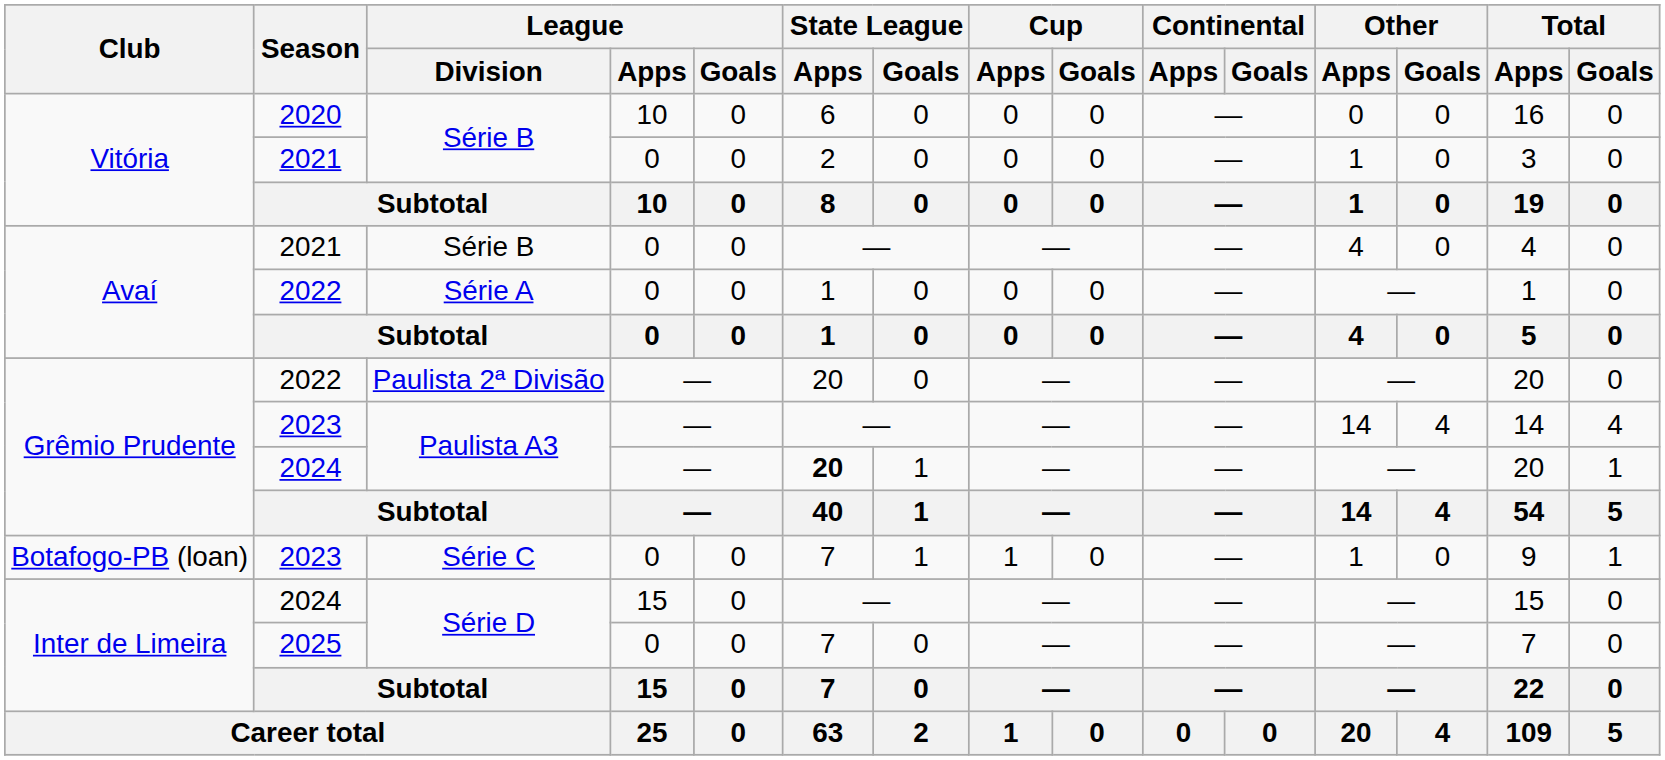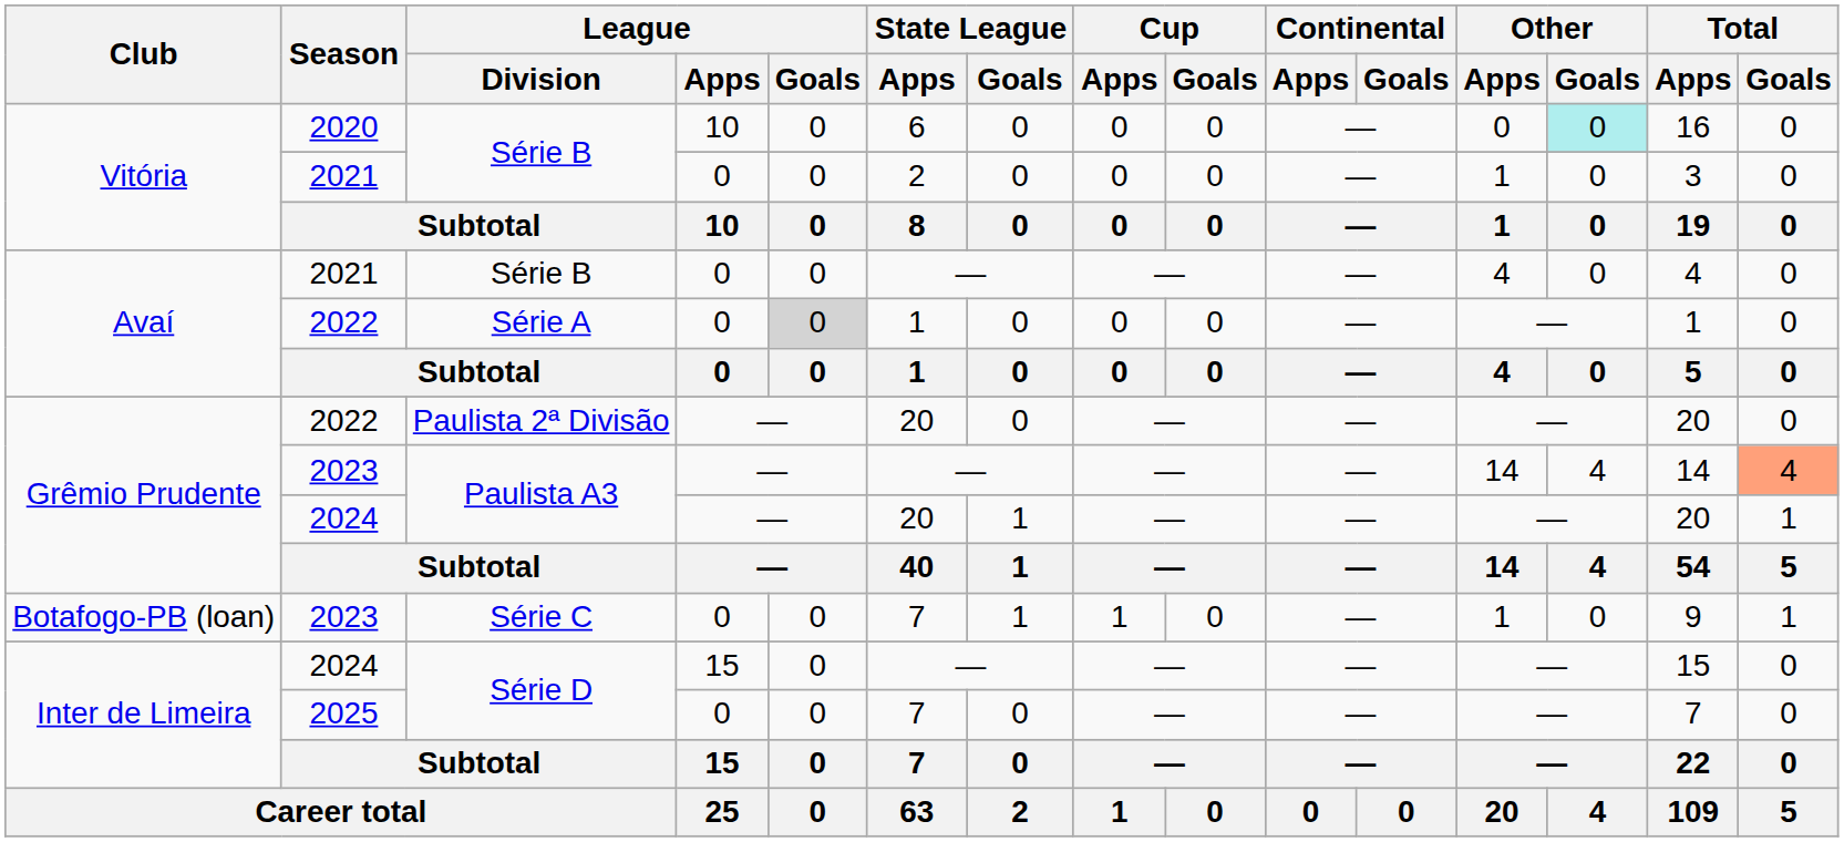 <table class="wikitable" style="text-align: center;">
 <tr>
 <th rowspan="2">Club</th>
 <th rowspan="2">Season</th>
 <th colspan="3">League</th>
 <th colspan="2">State League</th>
 <th colspan="2">Cup</th>
 <th colspan="2">Continental</th>
 <th colspan="2">Other</th>
 <th colspan="2">Total</th>
 </tr>
 <tr>
 <th>Division</th>
 <th>Apps</th>
 <th>Goals</th>
 <th>Apps</th>
 <th>Goals</th>
 <th>Apps</th>
 <th>Goals</th>
 <th>Apps</th>
 <th>Goals</th>
 <th>Apps</th>
 <th>Goals</th>
 <th>Apps</th>
 <th>Goals</th>
 </tr>
 <tr>
 <td rowspan="3" valign="center"><a href='#'>Vitória</a></td>
 <td><a href='#'>2020</a></td>
 <td rowspan="2"><a href='#'>Série B</a></td>
 <td>10</td>
 <td>0</td>
 <td>6</td>
 <td>0</td>
 <td>0</td>
 <td>0</td>
 <td colspan="2">—</td>
 <td>0</td>
-<td>0</td>
+<td style="background: paleturquoise;">0</td>
 <td>16</td>
 <td>0</td>
 </tr>
 <tr>
 <td><a href='#'>2021</a></td>
 <td>0</td>
 <td>0</td>
 <td>2</td>
 <td>0</td>
 <td>0</td>
 <td>0</td>
 <td colspan="2">—</td>
 <td>1</td>
 <td>0</td>
 <td>3</td>
 <td>0</td>
 </tr>
 <tr>
 <th colspan="2">Subtotal</th>
 <th>10</th>
 <th>0</th>
 <th>8</th>
 <th>0</th>
 <th>0</th>
 <th>0</th>
 <th colspan="2">—</th>
 <th>1</th>
 <th>0</th>
 <th>19</th>
 <th>0</th>
 </tr>
 <tr>
 <td rowspan="3" valign="center"><a href='#'>Avaí</a></td>
 <td>2021</td>
 <td>Série B</td>
 <td>0</td>
 <td>0</td>
 <td colspan="2">—</td>
 <td colspan="2">—</td>
 <td colspan="2">—</td>
 <td>4</td>
 <td>0</td>
 <td>4</td>
 <td>0</td>
 </tr>
 <tr>
 <td><a href='#'>2022</a></td>
 <td><a href='#'>Série A</a></td>
 <td>0</td>
-<td>0</td>
+<td style="background: lightgrey;">0</td>
 <td>1</td>
 <td>0</td>
 <td>0</td>
 <td>0</td>
 <td colspan="2">—</td>
 <td colspan="2">—</td>
 <td>1</td>
 <td>0</td>
 </tr>
 <tr>
 <th colspan="2">Subtotal</th>
 <th>0</th>
 <th>0</th>
 <th>1</th>
 <th>0</th>
 <th>0</th>
 <th>0</th>
 <th colspan="2">—</th>
 <th>4</th>
 <th>0</th>
 <th>5</th>
 <th>0</th>
 </tr>
 <tr>
 <td rowspan="4" valign="center"><a href='#'>Grêmio Prudente</a></td>
 <td>2022</td>
 <td><a href='#'>Paulista 2ª Divisão</a></td>
 <td colspan="2">—</td>
 <td>20</td>
 <td>0</td>
 <td colspan="2">—</td>
 <td colspan="2">—</td>
 <td colspan="2">—</td>
 <td>20</td>
 <td>0</td>
 </tr>
 <tr>
 <td><a href='#'>2023</a></td>
 <td rowspan="2"><a href='#'>Paulista A3</a></td>
 <td colspan="2">—</td>
 <td colspan="2">—</td>
 <td colspan="2">—</td>
 <td colspan="2">—</td>
 <td>14</td>
 <td>4</td>
 <td>14</td>
-<td>4</td>
+<td style="background: lightsalmon;">4</td>
 </tr>
 <tr>
 <td><a href='#'>2024</a></td>
 <td colspan="2">—</td>
-<td><strong>20</strong></td>
+<td>20</td>
 <td>1</td>
 <td colspan="2">—</td>
 <td colspan="2">—</td>
 <td colspan="2">—</td>
 <td>20</td>
 <td>1</td>
 </tr>
 <tr>
 <th colspan="2">Subtotal</th>
 <th colspan="2">—</th>
 <th>40</th>
 <th>1</th>
 <th colspan="2">—</th>
 <th colspan="2">—</th>
 <th>14</th>
 <th>4</th>
 <th>54</th>
 <th>5</th>
 </tr>
 <tr>
 <td valign="center"><a href='#'>Botafogo-PB</a> (loan)</td>
 <td><a href='#'>2023</a></td>
 <td><a href='#'>Série C</a></td>
 <td>0</td>
 <td>0</td>
 <td>7</td>
 <td>1</td>
 <td>1</td>
 <td>0</td>
 <td colspan="2">—</td>
 <td>1</td>
 <td>0</td>
 <td>9</td>
 <td>1</td>
 </tr>
 <tr>
 <td rowspan="3" valign="center"><a href='#'>Inter de Limeira</a></td>
 <td>2024</td>
 <td rowspan="2"><a href='#'>Série D</a></td>
 <td>15</td>
 <td>0</td>
 <td colspan="2">—</td>
 <td colspan="2">—</td>
 <td colspan="2">—</td>
 <td colspan="2">—</td>
 <td>15</td>
 <td>0</td>
 </tr>
 <tr>
 <td><a href='#'>2025</a></td>
 <td>0</td>
 <td>0</td>
 <td>7</td>
 <td>0</td>
 <td colspan="2">—</td>
 <td colspan="2">—</td>
 <td colspan="2">—</td>
 <td>7</td>
 <td>0</td>
 </tr>
 <tr>
 <th colspan="2">Subtotal</th>
 <th>15</th>
 <th>0</th>
 <th>7</th>
 <th>0</th>
 <th colspan="2">—</th>
 <th colspan="2">—</th>
 <th colspan="2">—</th>
 <th>22</th>
 <th>0</th>
 </tr>
 <tr>
 <th colspan="3"><strong>Career total</strong></th>
 <th>25</th>
 <th>0</th>
 <th>63</th>
 <th>2</th>
 <th>1</th>
 <th>0</th>
 <th>0</th>
 <th>0</th>
 <th>20</th>
 <th>4</th>
 <th>109</th>
 <th>5</th>
 </tr>
 </table>
